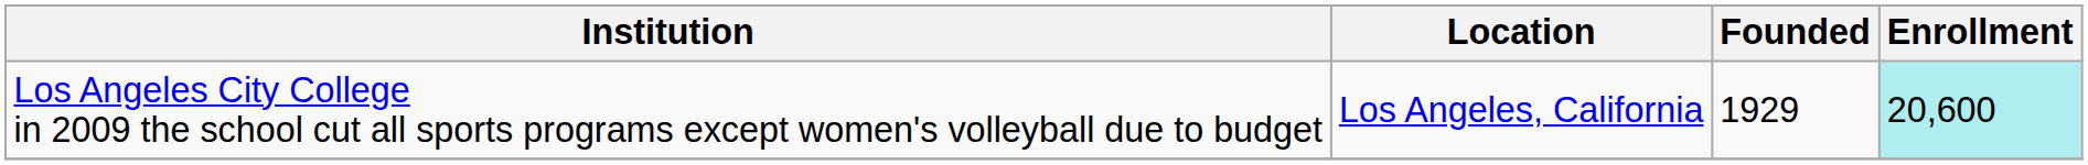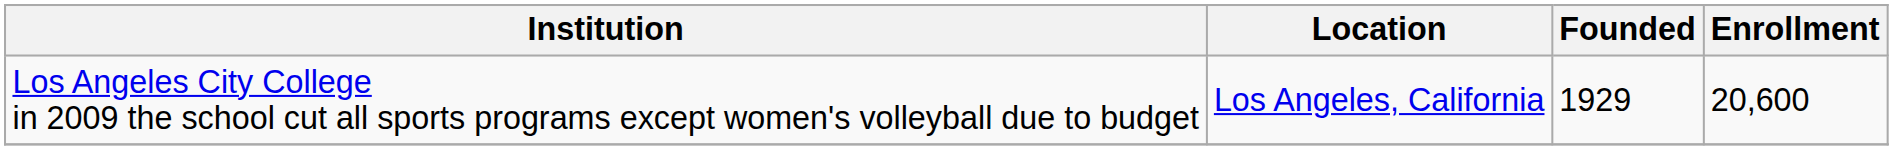 <table class="wikitable">
 <tr>
 <th>Institution</th>
 <th>Location</th>
 <th>Founded</th>
 <th>Enrollment</th>
 </tr>
 <tr |>
 <td><a href='#'>Los Angeles City College</a><br>in 2009 the school cut all sports programs except women's volleyball due to budget</td>
 <td><a href='#'>Los Angeles, California</a></td>
 <td>1929</td>
-<td style="background: paleturquoise;">20,600</td>
+<td>20,600</td>
 </tr>
 <tr>
 </tr>
 </table>
